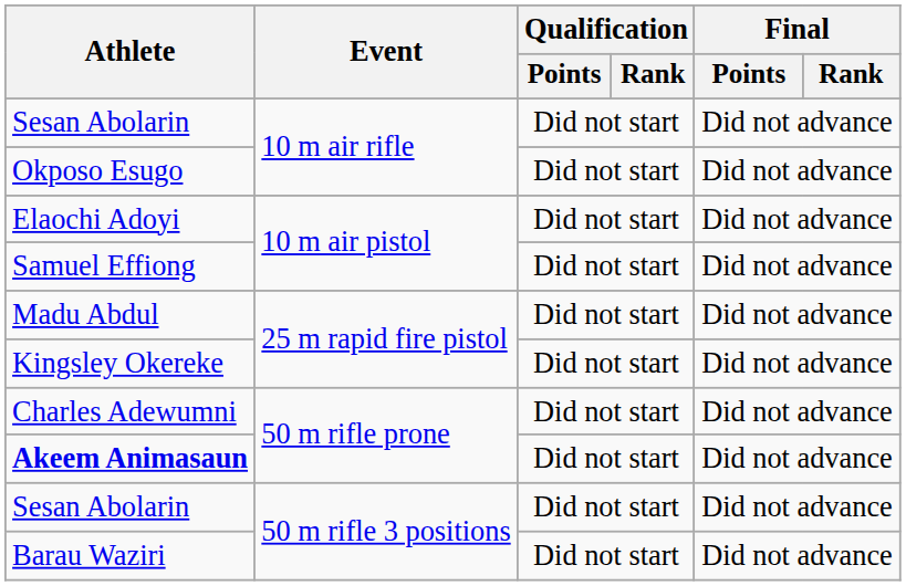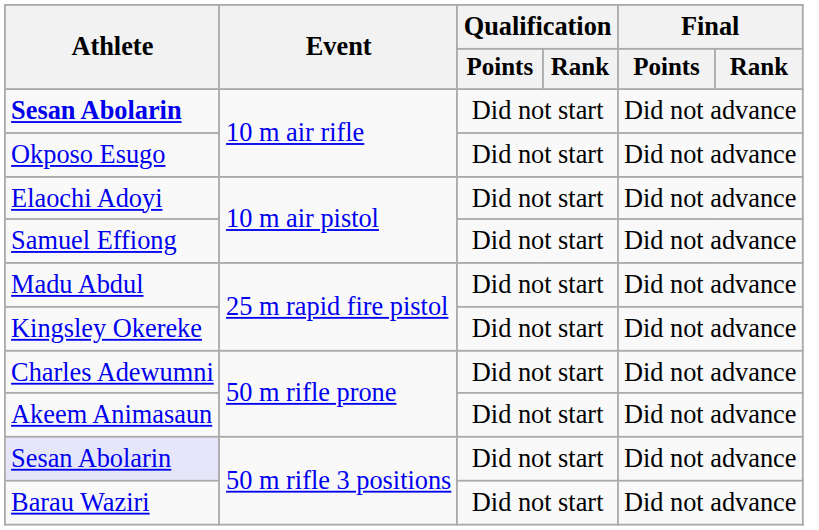 <table class="wikitable" style="font-size:90%;">
 <tr>
 <th rowspan=2>Athlete</th>
 <th rowspan=2>Event</th>
 <th colspan=2>Qualification</th>
 <th colspan=2>Final</th>
 </tr>
 <tr style="font-size:95%">
 <th>Points</th>
 <th>Rank</th>
 <th>Points</th>
 <th>Rank</th>
 </tr>
 <tr align=center>
-<td align=left><a href='#'>Sesan Abolarin</a></td>
+<td align=left><strong><a href='#'>Sesan Abolarin</a></strong></td>
 <td style="text-align:left;" rowspan="2"><a href='#'>10 m air rifle</a></td>
 <td colspan=2>Did not start</td>
 <td colspan=2>Did not advance</td>
 </tr>
 <tr align=center>
 <td align=left><a href='#'>Okposo Esugo</a></td>
 <td colspan=2>Did not start</td>
 <td colspan=2>Did not advance</td>
 </tr>
 <tr align=center>
 <td align=left><a href='#'>Elaochi Adoyi</a></td>
 <td style="text-align:left;" rowspan="2"><a href='#'>10 m air pistol</a></td>
 <td colspan=2>Did not start</td>
 <td colspan=2>Did not advance</td>
 </tr>
 <tr align=center>
 <td align=left><a href='#'>Samuel Effiong</a></td>
 <td colspan=2>Did not start</td>
 <td colspan=2>Did not advance</td>
 </tr>
 <tr align=center>
 <td align=left><a href='#'>Madu Abdul</a></td>
 <td style="text-align:left;" rowspan="2"><a href='#'>25 m rapid fire pistol</a></td>
 <td colspan=2>Did not start</td>
 <td colspan=2>Did not advance</td>
 </tr>
 <tr align=center>
 <td align=left><a href='#'>Kingsley Okereke</a></td>
 <td colspan=2>Did not start</td>
 <td colspan=2>Did not advance</td>
 </tr>
 <tr align=center>
 <td align=left><a href='#'>Charles Adewumni</a></td>
 <td style="text-align:left;" rowspan="2"><a href='#'>50 m rifle prone</a></td>
 <td colspan=2>Did not start</td>
 <td colspan=2>Did not advance</td>
 </tr>
 <tr align=center>
-<td align=left><strong><a href='#'>Akeem Animasaun</a></strong></td>
+<td align=left><a href='#'>Akeem Animasaun</a></td>
 <td colspan=2>Did not start</td>
 <td colspan=2>Did not advance</td>
 </tr>
 <tr align=center>
-<td align=left><a href='#'>Sesan Abolarin</a></td>
+<td align=left style="background: lavender;"><a href='#'>Sesan Abolarin</a></td>
 <td style="text-align:left;" rowspan="2"><a href='#'>50 m rifle 3 positions</a></td>
 <td colspan=2>Did not start</td>
 <td colspan=2>Did not advance</td>
 </tr>
 <tr align=center>
 <td align=left><a href='#'>Barau Waziri</a></td>
 <td colspan=2>Did not start</td>
 <td colspan=2>Did not advance</td>
 </tr>
 </table>
